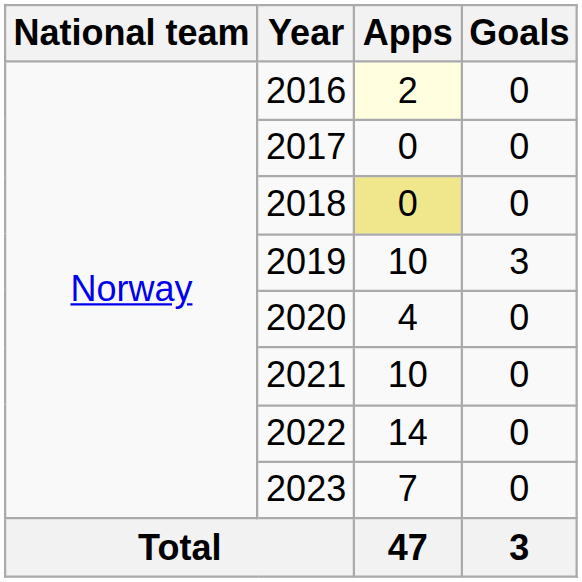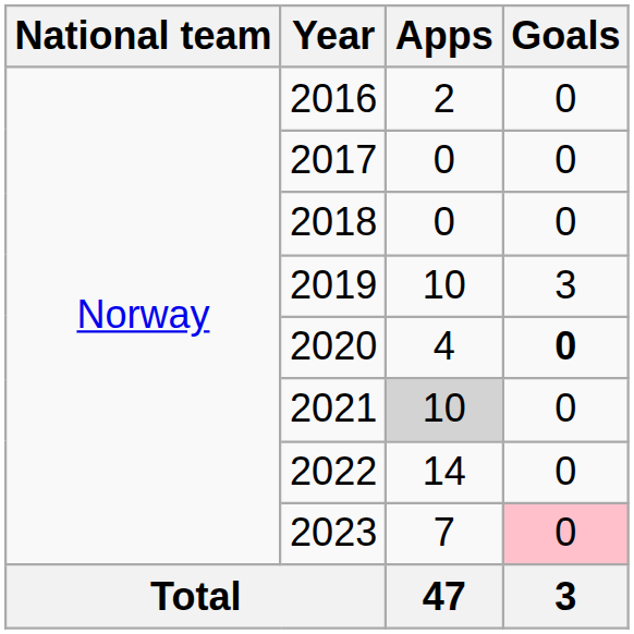 <table class="wikitable" style="text-align:center">
 <tr>
 <th>National team</th>
 <th>Year</th>
 <th>Apps</th>
 <th>Goals</th>
 </tr>
 <tr>
 <td rowspan="8"><a href='#'>Norway</a></td>
 <td>2016</td>
-<td style="background: lightyellow;">2</td>
+<td>2</td>
 <td>0</td>
 </tr>
 <tr>
 <td>2017</td>
 <td>0</td>
 <td>0</td>
 </tr>
 <tr>
 <td>2018</td>
-<td style="background: khaki;">0</td>
+<td>0</td>
 <td>0</td>
 </tr>
 <tr>
 <td>2019</td>
 <td>10</td>
 <td>3</td>
 </tr>
 <tr>
 <td>2020</td>
 <td>4</td>
-<td>0</td>
+<td><strong>0</strong></td>
 </tr>
 <tr>
 <td>2021</td>
-<td>10</td>
+<td style="background: lightgrey;">10</td>
 <td>0</td>
 </tr>
 <tr>
 <td>2022</td>
 <td>14</td>
 <td>0</td>
 </tr>
 <tr>
 <td>2023</td>
 <td>7</td>
-<td>0</td>
+<td style="background: pink;">0</td>
 </tr>
 <tr>
 <th colspan="2">Total</th>
 <th>47</th>
 <th>3</th>
 </tr>
 </table>
